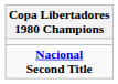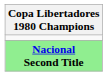 <table class="wikitable" style="text-align: center; margin: 0 auto;">
 <tr>
 <th>Copa Libertadores<br>1980 Champions</th>
 </tr>
 <tr>
 <td></td>
 </tr>
 <tr>
-<td><strong><a href='#'>Nacional</a></strong><br><strong>Second Title</strong></td>
+<td style="background: lightgreen;"><strong><a href='#'>Nacional</a></strong><br><strong>Second Title</strong></td>
 </tr>
 </table>
